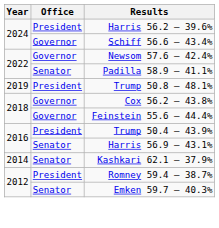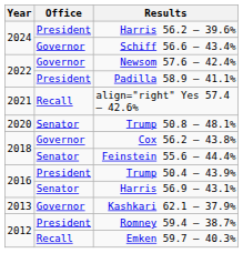 <table class=wikitable>
 <tr>
 <th width="30">Year</th>
 <th width="60">Office</th>
 <th width="180">Results</th>
 </tr>
 <tr>
 <td rowspan="2">2024</td>
 <td><a href='#'>President</a></td>
 <td align="right" ><a href='#'>Harris</a> 56.2 – 39.6%</td>
 </tr>
 <tr>
 <td><a href='#'>Governor</a></td>
 <td align="right" ><a href='#'>Schiff</a> 56.6 – 43.4%</td>
 </tr>
 <tr>
 <td rowspan="2">2022</td>
 <td><a href='#'>Governor</a></td>
 <td align="right" ><a href='#'>Newsom</a> 57.6 – 42.4%</td>
 </tr>
 <tr>
-<td><a href='#'>Senator</a></td>
+<td><a href='#'>President</a></td>
 <td align="right" ><a href='#'>Padilla</a> 58.9 – 41.1%</td>
 </tr>
 <tr>
-<td rowspan="1">2019</td>
-<td><a href='#'>President</a></td>
+<td>2021</td>
+<td><a href='#'>Recall</a></td>
+<td>align="right"  Yes 57.4 – 42.6%</td>
+</tr>
+<tr>
+<td rowspan="1">2020</td>
+<td><a href='#'>Senator</a></td>
 <td align="right" ><a href='#'>Trump</a> 50.8 – 48.1%</td>
 </tr>
 <tr>
 <td rowspan="2">2018</td>
 <td><a href='#'>Governor</a></td>
 <td align="right" ><a href='#'>Cox</a> 56.2 – 43.8%</td>
 </tr>
 <tr>
-<td><a href='#'>Governor</a></td>
+<td><a href='#'>Senator</a></td>
 <td align="right" ><a href='#'>Feinstein</a> 55.6 – 44.4%</td>
 </tr>
 <tr>
 <td rowspan="2">2016</td>
 <td><a href='#'>President</a></td>
 <td align="right" ><a href='#'>Trump</a> 50.4 – 43.9%</td>
 </tr>
 <tr>
 <td><a href='#'>Senator</a></td>
 <td align="right" ><a href='#'>Harris</a> 56.9 – 43.1%</td>
 </tr>
 <tr>
-<td>2014</td>
-<td><a href='#'>Senator</a></td>
+<td>2013</td>
+<td><a href='#'>Governor</a></td>
 <td align="right" ><a href='#'>Kashkari</a> 62.1 – 37.9%</td>
 </tr>
 <tr>
 <td rowspan="2">2012</td>
 <td><a href='#'>President</a></td>
 <td align="right" ><a href='#'>Romney</a> 59.4 – 38.7%</td>
 </tr>
 <tr>
-<td><a href='#'>Senator</a></td>
+<td><a href='#'>Recall</a></td>
 <td align="right" ><a href='#'>Emken</a> 59.7 – 40.3%</td>
 </tr>
 </table>
